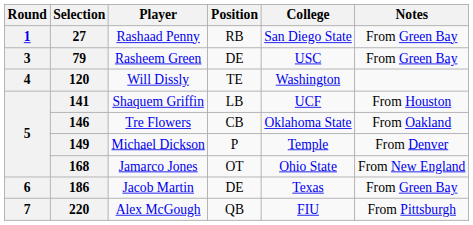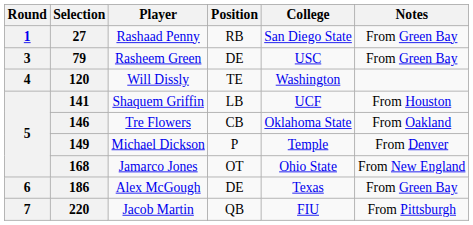 <table class="wikitable" style="text-align:center">
 <tr>
 <th>Round</th>
 <th>Selection</th>
 <th>Player</th>
 <th>Position</th>
 <th>College</th>
 <th>Notes</th>
 </tr>
 <tr>
 <th><a href='#'>1</a></th>
 <th>27</th>
 <td><a href='#'>Rashaad Penny</a></td>
 <td>RB</td>
 <td><a href='#'>San Diego State</a></td>
 <td>From <a href='#'>Green Bay</a></td>
 </tr>
 <tr>
 <th>3</th>
 <th>79</th>
 <td><a href='#'>Rasheem Green</a></td>
 <td>DE</td>
 <td><a href='#'>USC</a></td>
 <td>From <a href='#'>Green Bay</a></td>
 </tr>
 <tr>
 <th>4</th>
 <th>120</th>
 <td><a href='#'>Will Dissly</a></td>
 <td>TE</td>
 <td><a href='#'>Washington</a></td>
 <td></td>
 </tr>
 <tr>
 <th rowspan="4">5</th>
 <th>141</th>
 <td><a href='#'>Shaquem Griffin</a></td>
 <td>LB</td>
 <td><a href='#'>UCF</a></td>
 <td>From <a href='#'>Houston</a></td>
 </tr>
 <tr>
 <th>146</th>
 <td><a href='#'>Tre Flowers</a></td>
 <td>CB</td>
 <td><a href='#'>Oklahoma State</a></td>
 <td>From <a href='#'>Oakland</a></td>
 </tr>
 <tr>
 <th>149</th>
 <td><a href='#'>Michael Dickson</a></td>
 <td>P</td>
 <td><a href='#'>Temple</a></td>
 <td>From <a href='#'>Denver</a></td>
 </tr>
 <tr>
 <th>168</th>
 <td><a href='#'>Jamarco Jones</a></td>
 <td>OT</td>
 <td><a href='#'>Ohio State</a></td>
 <td>From <a href='#'>New England</a></td>
 </tr>
 <tr>
 <th>6</th>
 <th>186</th>
-<td><a href='#'>Jacob Martin</a></td>
+<td><a href='#'>Alex McGough</a></td>
 <td>DE</td>
 <td><a href='#'>Texas</a></td>
 <td>From <a href='#'>Green Bay</a></td>
 </tr>
 <tr>
 <th>7</th>
 <th>220</th>
-<td><a href='#'>Alex McGough</a></td>
+<td><a href='#'>Jacob Martin</a></td>
 <td>QB</td>
 <td><a href='#'>FIU</a></td>
 <td>From <a href='#'>Pittsburgh</a></td>
 </tr>
 </table>
